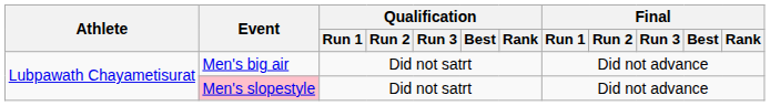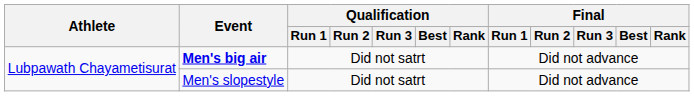 <table class=wikitable style="font-size:90%; text-align:center">
 <tr>
 <th rowspan=2>Athlete</th>
 <th rowspan=2>Event</th>
 <th colspan=5>Qualification</th>
 <th colspan=5>Final</th>
 </tr>
 <tr style=font-size:95%>
 <th>Run 1</th>
 <th>Run 2</th>
 <th>Run 3</th>
 <th>Best</th>
 <th>Rank</th>
 <th>Run 1</th>
 <th>Run 2</th>
 <th>Run 3</th>
 <th>Best</th>
 <th>Rank</th>
 </tr>
 <tr>
 <td align=left rowspan=2><a href='#'>Lubpawath Chayametisurat</a></td>
-<td align=left><a href='#'>Men's big air</a></td>
+<td align=left><strong><a href='#'>Men's big air</a></strong></td>
 <td colspan=5>Did not satrt</td>
 <td colspan=5>Did not advance</td>
 </tr>
 <tr>
-<td align=left style="background: pink;"><a href='#'>Men's slopestyle</a></td>
+<td align=left><a href='#'>Men's slopestyle</a></td>
 <td colspan=5>Did not satrt</td>
 <td colspan=5>Did not advance</td>
 </tr>
 </table>
